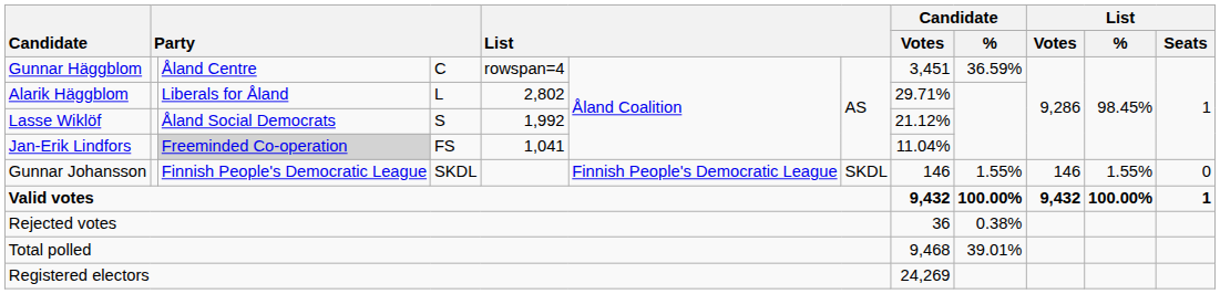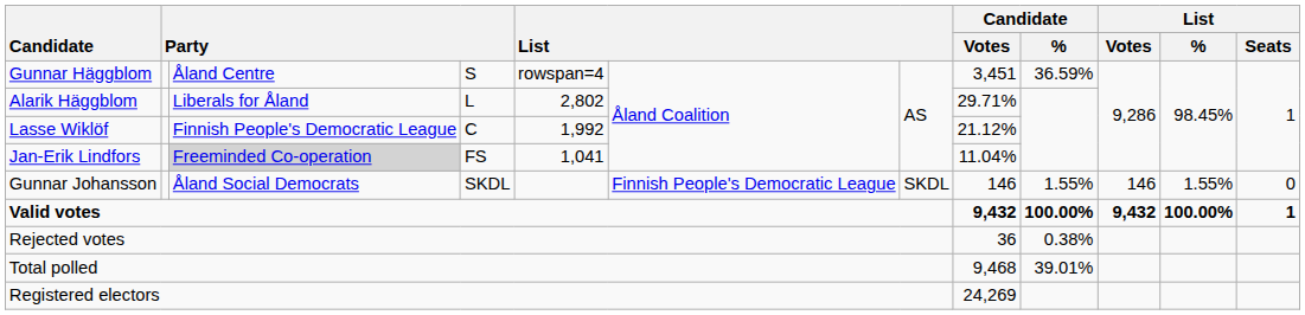 <table class="wikitable" border="1" style="text-align:right;">
 <tr>
 <th ! style="text-align:left;" valign=bottom rowspan=2>Candidate</th>
 <th style="text-align:left;" valign=bottom rowspan=2 colspan=3>Party</th>
 <th style="text-align:left;" valign=bottom rowspan=2 colspan=3>List</th>
 <th colspan=2>Candidate</th>
 <th colspan=3>List</th>
 </tr>
 <tr>
 <th align=center valign=bottom width="50">Votes</th>
 <th align=center valign=bottom width="50">%</th>
 <th align=center valign=bottom width="50">Votes</th>
 <th align=center valign=bottom width="50">%</th>
 <th align=center valign=bottom width="50">Seats</th>
 </tr>
 <tr>
 <td align=left><a href='#'>Gunnar Häggblom</a></td>
 <td></td>
 <td align=left><a href='#'>Åland Centre</a></td>
-<td align=left>C</td>
+<td align=left>S</td>
 <td>rowspan=4 </td>
 <td rowspan=4 align=left><a href='#'>Åland Coalition</a></td>
 <td rowspan=4 align=left>AS</td>
 <td>3,451</td>
 <td>36.59%</td>
 <td rowspan=4>9,286</td>
 <td rowspan=4>98.45%</td>
 <td rowspan=4>1</td>
 </tr>
 <tr>
 <td align=left><a href='#'>Alarik Häggblom</a></td>
 <td></td>
 <td align=left><a href='#'>Liberals for Åland</a></td>
 <td align=left>L</td>
 <td>2,802</td>
 <td>29.71%</td>
 </tr>
 <tr>
 <td align=left><a href='#'>Lasse Wiklöf</a></td>
 <td></td>
-<td align=left><a href='#'>Åland Social Democrats</a></td>
-<td align=left>S</td>
+<td align=left><a href='#'>Finnish People's Democratic League</a></td>
+<td align=left>C</td>
 <td>1,992</td>
 <td>21.12%</td>
 </tr>
 <tr>
 <td align=left><a href='#'>Jan-Erik Lindfors</a></td>
 <td></td>
 <td align=left style="background: lightgrey;"><a href='#'>Freeminded Co-operation</a></td>
 <td align=left>FS</td>
 <td>1,041</td>
 <td>11.04%</td>
 </tr>
 <tr>
 <td align=left>Gunnar Johansson</td>
 <td></td>
-<td align=left><a href='#'>Finnish People's Democratic League</a></td>
+<td align=left><a href='#'>Åland Social Democrats</a></td>
 <td align=left>SKDL</td>
 <td></td>
 <td align=left><a href='#'>Finnish People's Democratic League</a></td>
 <td align=left>SKDL</td>
 <td>146</td>
 <td>1.55%</td>
 <td>146</td>
 <td>1.55%</td>
 <td>0</td>
 </tr>
 <tr style="font-weight:bold">
 <td align=left colspan=7>Valid votes</td>
 <td>9,432</td>
 <td>100.00%</td>
 <td>9,432</td>
 <td>100.00%</td>
 <td>1</td>
 </tr>
 <tr>
 <td align=left colspan=7>Rejected votes</td>
 <td>36</td>
 <td>0.38%</td>
 <td></td>
 <td></td>
 <td></td>
 </tr>
 <tr>
 <td align=left colspan=7>Total polled</td>
 <td>9,468</td>
 <td>39.01%</td>
 <td></td>
 <td></td>
 <td></td>
 </tr>
 <tr>
 <td align=left colspan=7>Registered electors</td>
 <td>24,269</td>
 <td></td>
 <td></td>
 <td></td>
 <td></td>
 </tr>
 </table>
